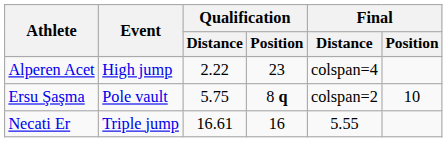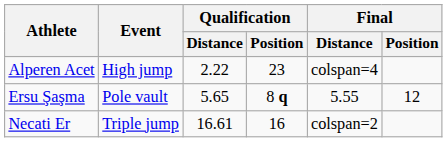 <table class=wikitable style=font-size:90%>
 <tr>
 <th rowspan=2>Athlete</th>
 <th rowspan=2>Event</th>
 <th colspan=2>Qualification</th>
 <th colspan=2>Final</th>
 </tr>
 <tr style=font-size:95%>
 <th>Distance</th>
 <th>Position</th>
 <th>Distance</th>
 <th>Position</th>
 </tr>
 <tr align=center>
 <td align=left><a href='#'>Alperen Acet</a></td>
 <td align=left><a href='#'>High jump</a></td>
 <td>2.22</td>
 <td>23</td>
 <td>colspan=4 </td>
 </tr>
 <tr align=center>
 <td align=left><a href='#'>Ersu Şaşma</a></td>
 <td align=left><a href='#'>Pole vault</a></td>
-<td>5.75</td>
+<td>5.65</td>
 <td>8 <strong>q</strong></td>
-<td>colspan=2 </td>
-<td>10</td>
+<td>5.55</td>
+<td>12</td>
 </tr>
 <tr align=center>
 <td align=left><a href='#'>Necati Er</a></td>
 <td align=left><a href='#'>Triple jump</a></td>
 <td>16.61</td>
 <td>16</td>
-<td>5.55</td>
+<td>colspan=2 </td>
 </tr>
 </table>
